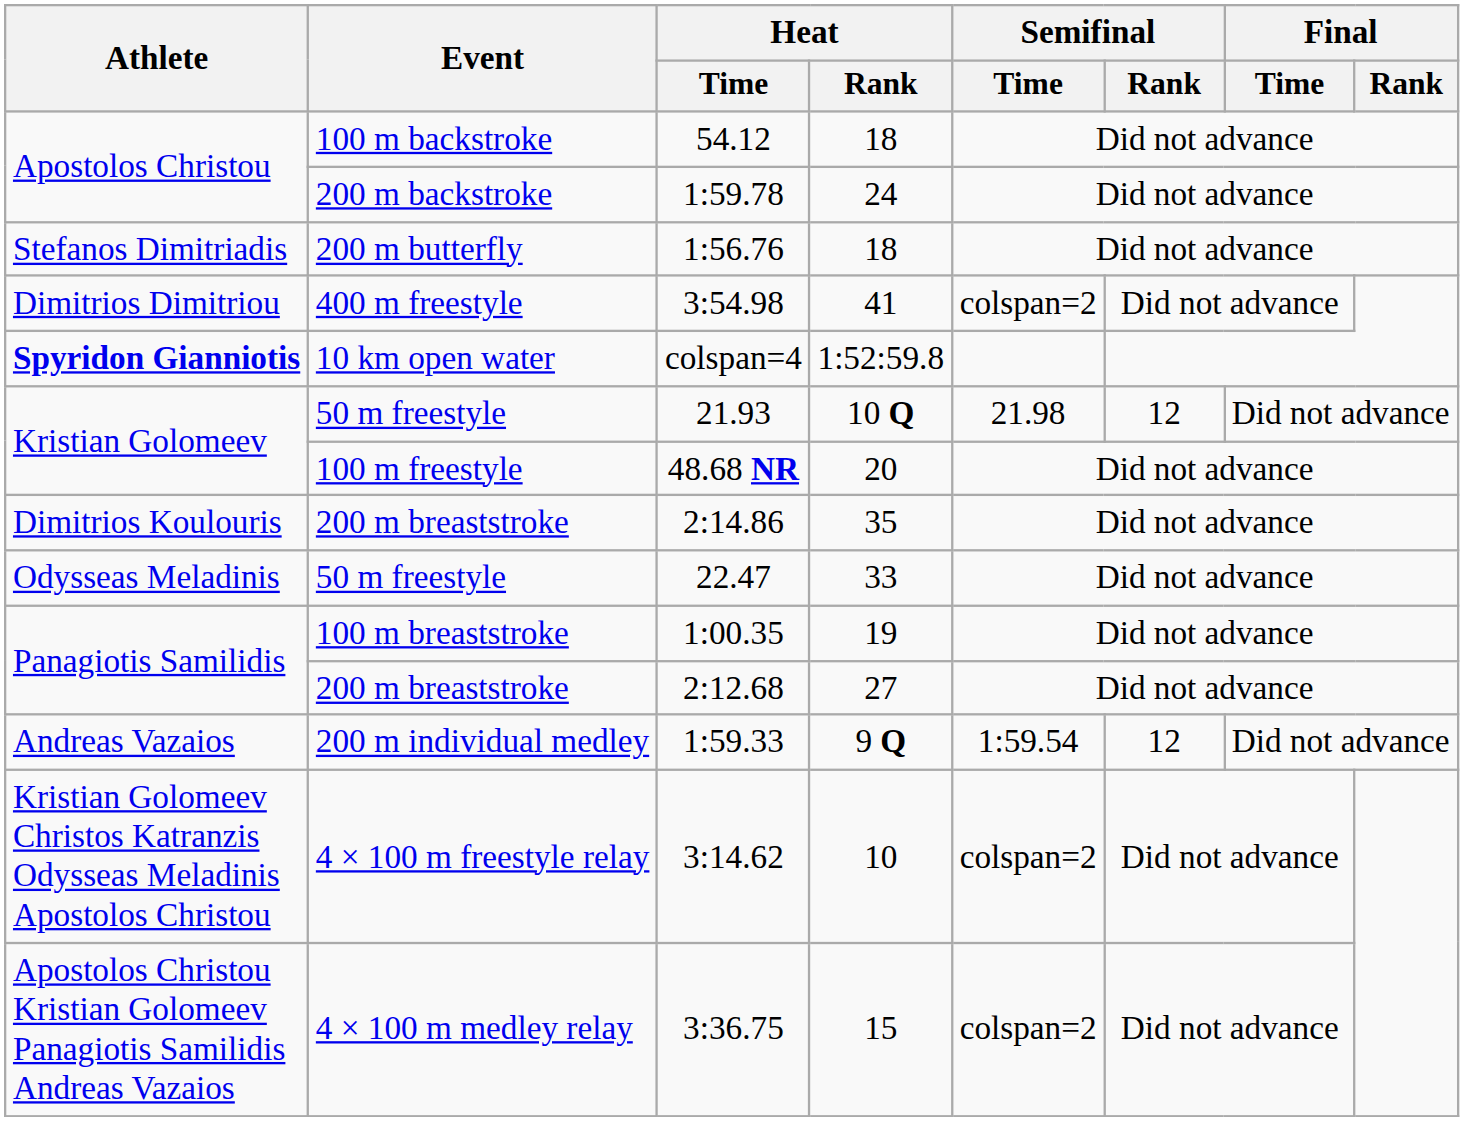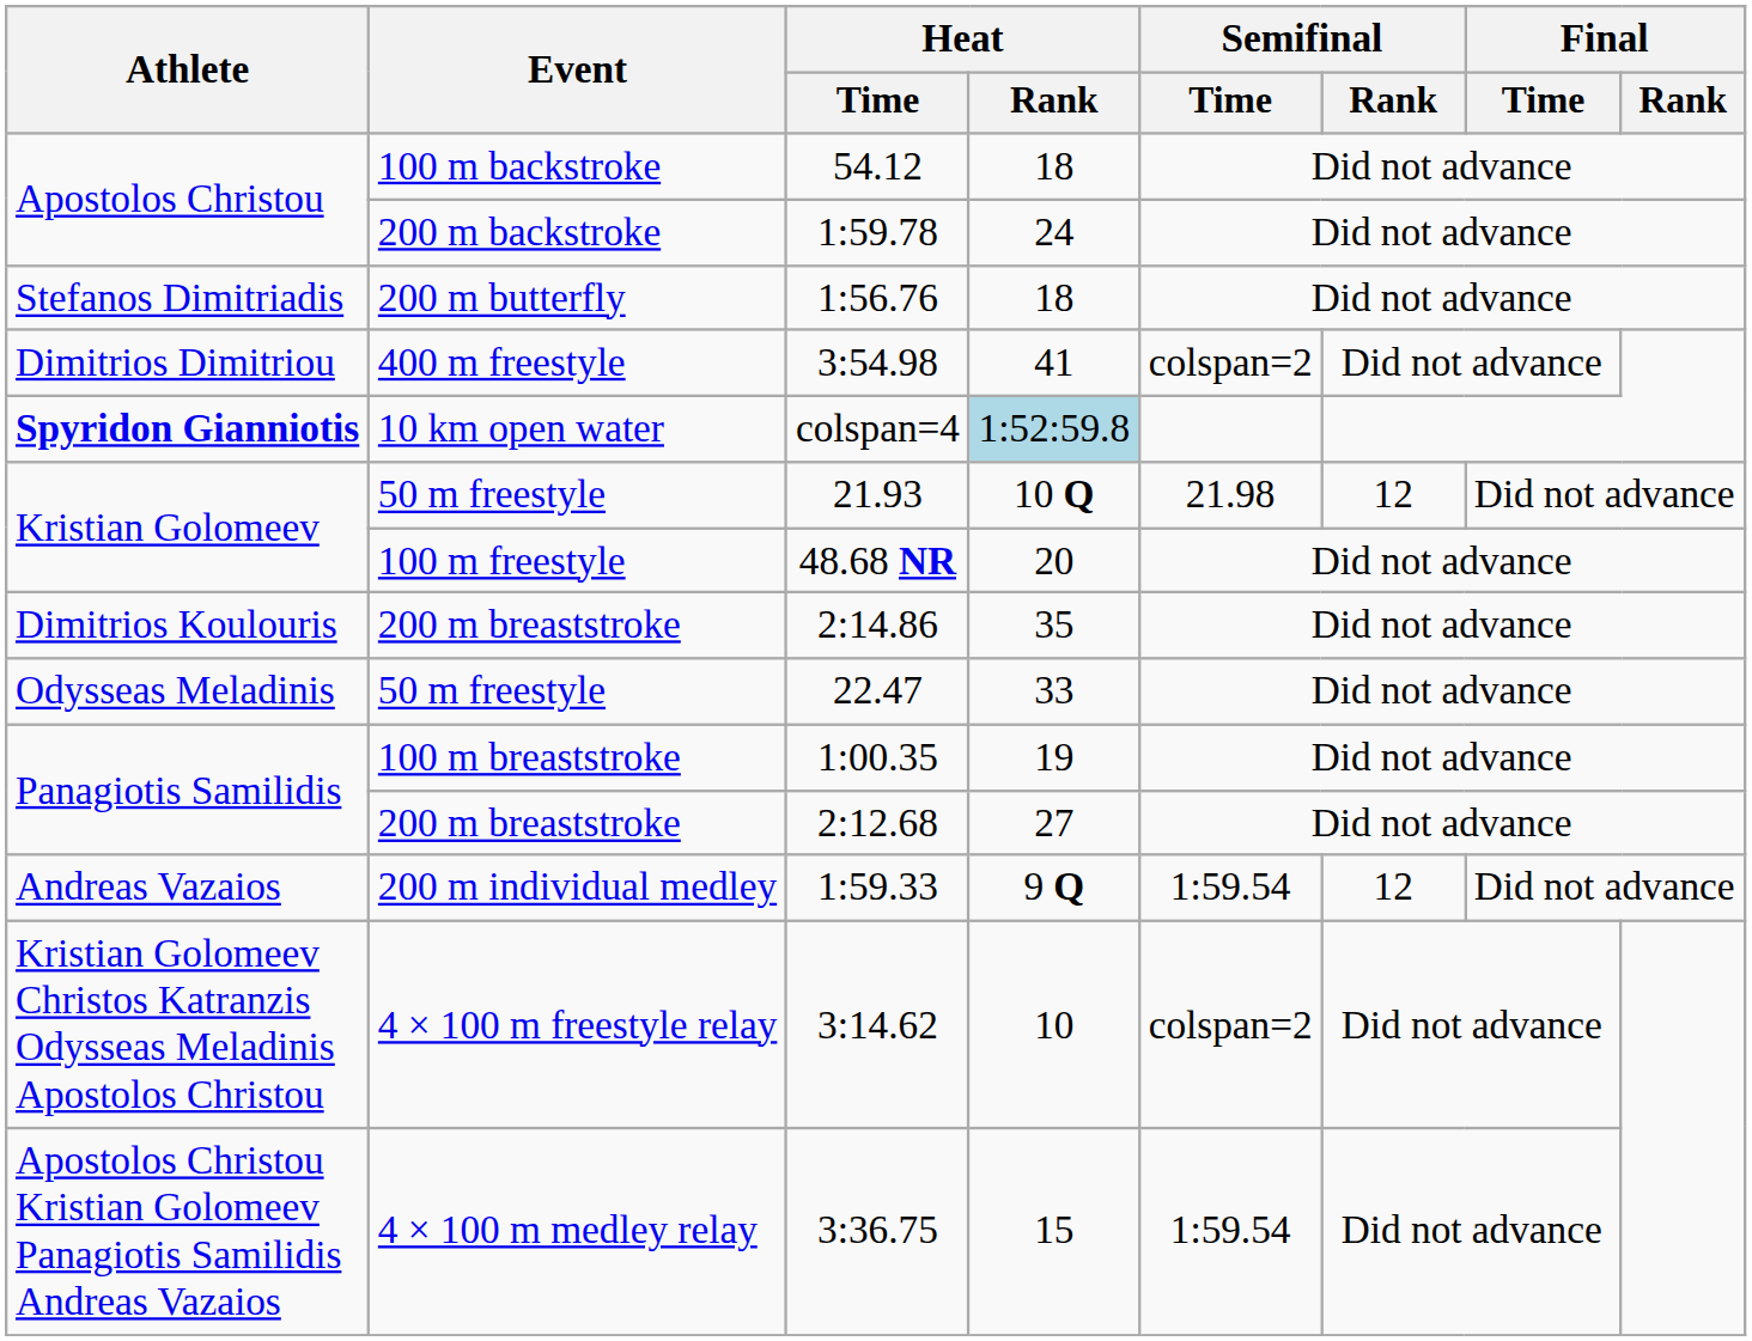 <table class=wikitable style="font-size:90%">
 <tr>
 <th rowspan="2">Athlete</th>
 <th rowspan="2">Event</th>
 <th colspan="2">Heat</th>
 <th colspan="2">Semifinal</th>
 <th colspan="2">Final</th>
 </tr>
 <tr style="font-size:95%">
 <th>Time</th>
 <th>Rank</th>
 <th>Time</th>
 <th>Rank</th>
 <th>Time</th>
 <th>Rank</th>
 </tr>
 <tr align=center>
 <td align=left rowspan=2><a href='#'>Apostolos Christou</a></td>
 <td align=left><a href='#'>100 m backstroke</a></td>
 <td>54.12</td>
 <td>18</td>
 <td colspan=4>Did not advance</td>
 </tr>
 <tr align=center>
 <td align=left><a href='#'>200 m backstroke</a></td>
 <td>1:59.78</td>
 <td>24</td>
 <td colspan=4>Did not advance</td>
 </tr>
 <tr align=center>
 <td align=left><a href='#'>Stefanos Dimitriadis</a></td>
 <td align=left><a href='#'>200 m butterfly</a></td>
 <td>1:56.76</td>
 <td>18</td>
 <td colspan="4">Did not advance</td>
 </tr>
 <tr align="center">
 <td align=left><a href='#'>Dimitrios Dimitriou</a></td>
 <td align=left><a href='#'>400 m freestyle</a></td>
 <td>3:54.98</td>
 <td>41</td>
 <td>colspan=2 </td>
 <td colspan="2">Did not advance</td>
 </tr>
 <tr align=center>
 <td align=left><strong><a href='#'>Spyridon Gianniotis</a></strong></td>
 <td align=left><a href='#'>10 km open water</a></td>
 <td>colspan=4 </td>
-<td>1:52:59.8</td>
+<td style="background: lightblue;">1:52:59.8</td>
 <td></td>
 </tr>
 <tr align=center>
 <td align=left rowspan=2><a href='#'>Kristian Golomeev</a></td>
 <td align=left><a href='#'>50 m freestyle</a></td>
 <td>21.93</td>
 <td>10 <strong>Q</strong></td>
 <td>21.98</td>
 <td>12</td>
 <td colspan="2">Did not advance</td>
 </tr>
 <tr align=center>
 <td align=left><a href='#'>100 m freestyle</a></td>
 <td>48.68 <strong><a href='#'>NR</a></strong></td>
 <td>20</td>
 <td colspan="4">Did not advance</td>
 </tr>
 <tr align=center>
 <td align=left><a href='#'>Dimitrios Koulouris</a></td>
 <td align=left><a href='#'>200 m breaststroke</a></td>
 <td>2:14.86</td>
 <td>35</td>
 <td colspan="4">Did not advance</td>
 </tr>
 <tr align=center>
 <td align=left><a href='#'>Odysseas Meladinis</a></td>
 <td align=left><a href='#'>50 m freestyle</a></td>
 <td>22.47</td>
 <td>33</td>
 <td colspan="4">Did not advance</td>
 </tr>
 <tr align="center">
 <td align=left rowspan=2><a href='#'>Panagiotis Samilidis</a></td>
 <td align=left><a href='#'>100 m breaststroke</a></td>
 <td>1:00.35</td>
 <td>19</td>
 <td colspan="4">Did not advance</td>
 </tr>
 <tr align=center>
 <td align=left><a href='#'>200 m breaststroke</a></td>
 <td>2:12.68</td>
 <td>27</td>
 <td colspan="4">Did not advance</td>
 </tr>
 <tr align=center>
 <td align=left><a href='#'>Andreas Vazaios</a></td>
 <td align=left><a href='#'>200 m individual medley</a></td>
 <td>1:59.33</td>
 <td>9 <strong>Q</strong></td>
 <td>1:59.54</td>
 <td>12</td>
 <td colspan="2">Did not advance</td>
 </tr>
 <tr align=center>
 <td align=left><a href='#'>Kristian Golomeev</a><br><a href='#'>Christos Katranzis</a><br><a href='#'>Odysseas Meladinis</a><br><a href='#'>Apostolos Christou</a></td>
 <td align=left><a href='#'>4 × 100 m freestyle relay</a></td>
 <td>3:14.62</td>
 <td>10</td>
 <td>colspan=2 </td>
 <td colspan=2>Did not advance</td>
 </tr>
 <tr align=center>
 <td align=left><a href='#'>Apostolos Christou</a><br><a href='#'>Kristian Golomeev</a><br><a href='#'>Panagiotis Samilidis</a><br><a href='#'>Andreas Vazaios</a></td>
 <td align=left><a href='#'>4 × 100 m medley relay</a></td>
 <td>3:36.75</td>
 <td>15</td>
-<td>colspan=2 </td>
+<td>1:59.54</td>
 <td colspan=2>Did not advance</td>
 </tr>
 </table>
